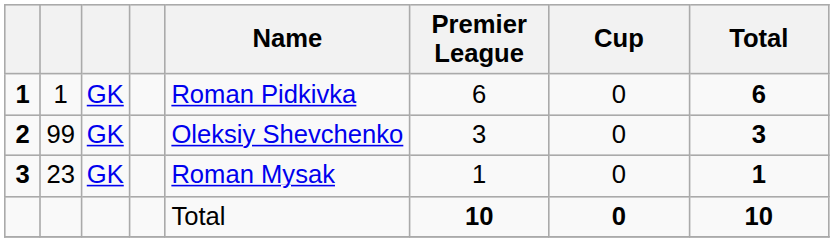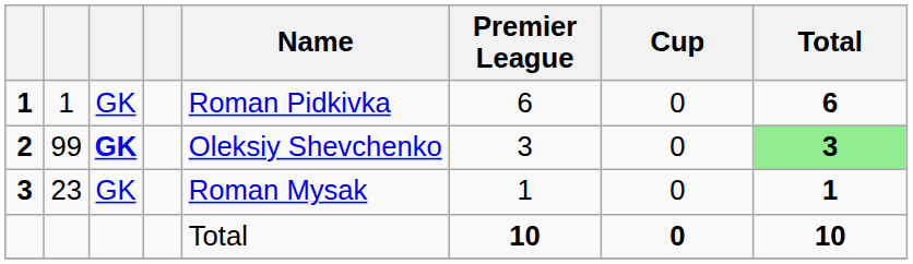 <table class="wikitable" style="text-align:center">
 <tr>
 <th width=15></th>
 <th width=15></th>
 <th width=15></th>
 <th width=15></th>
 <th width=145>Name</th>
 <th width=80><strong>Premier League</strong></th>
 <th width=80><strong>Cup</strong></th>
 <th width=80>Total</th>
 </tr>
 <tr>
 <td><strong>1</strong></td>
 <td>1</td>
 <td><a href='#'>GK</a></td>
 <td></td>
 <td align=left><a href='#'>Roman Pidkivka</a></td>
 <td>6</td>
 <td>0</td>
 <td><strong>6</strong></td>
 </tr>
 <tr>
 <td><strong>2</strong></td>
 <td>99</td>
-<td><a href='#'>GK</a></td>
+<td><strong><a href='#'>GK</a></strong></td>
 <td></td>
 <td align=left><a href='#'>Oleksiy Shevchenko</a></td>
 <td>3</td>
 <td>0</td>
-<td><strong>3</strong></td>
+<td style="background: lightgreen;"><strong>3</strong></td>
 </tr>
 <tr>
 <td><strong>3</strong></td>
 <td>23</td>
 <td><a href='#'>GK</a></td>
 <td></td>
 <td align=left><a href='#'>Roman Mysak</a></td>
 <td>1</td>
 <td>0</td>
 <td><strong>1</strong></td>
 </tr>
 <tr>
 <td></td>
 <td></td>
 <td></td>
 <td></td>
 <td align=left>Total</td>
 <td><strong>10</strong></td>
 <td><strong>0</strong></td>
 <td><strong>10</strong></td>
 </tr>
 <tr>
 </tr>
 </table>
